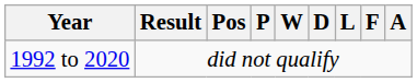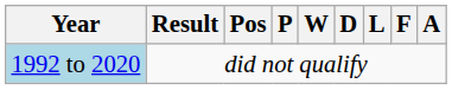 <table class="wikitable" text-align:center;">
 <tr>
 <th>Year</th>
 <th>Result</th>
 <th>Pos</th>
 <th>P</th>
 <th>W</th>
 <th>D</th>
 <th>L</th>
 <th>F</th>
 <th>A</th>
 </tr>
 <tr>
-<td> <a href='#'>1992</a> to  <a href='#'>2020</a></td>
+<td style="background: lightblue;"> <a href='#'>1992</a> to  <a href='#'>2020</a></td>
 <td colspan=8 align=center><em>did not qualify</em></td>
 </tr>
 </table>
